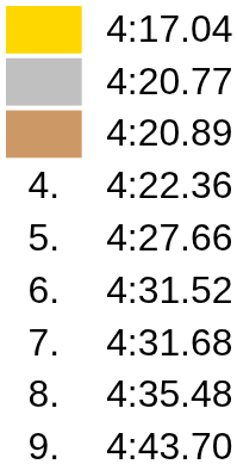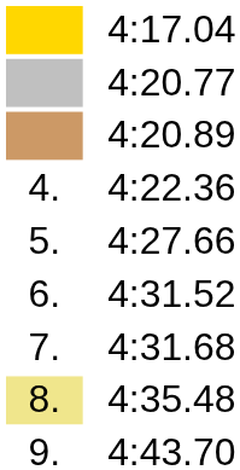 <table style="text-align:center">
 <tr>
 <td width=30 bgcolor=gold></td>
 <td align=left></td>
 <td width=60>4:17.04</td>
 </tr>
 <tr>
 <td bgcolor=silver></td>
 <td align=left></td>
 <td>4:20.77</td>
 </tr>
 <tr>
 <td bgcolor=cc9966></td>
 <td align=left></td>
 <td>4:20.89</td>
 </tr>
 <tr>
 <td>4.</td>
 <td align=left></td>
 <td>4:22.36</td>
 </tr>
 <tr>
 <td>5.</td>
 <td align=left></td>
 <td>4:27.66</td>
 </tr>
 <tr>
 <td>6.</td>
 <td align=left></td>
 <td>4:31.52</td>
 </tr>
 <tr>
 <td>7.</td>
 <td align=left></td>
 <td>4:31.68</td>
 </tr>
 <tr>
-<td>8.</td>
+<td style="background: khaki;">8.</td>
 <td align=left></td>
 <td>4:35.48</td>
 </tr>
 <tr>
 <td>9.</td>
 <td align=left></td>
 <td>4:43.70</td>
 </tr>
 </table>
